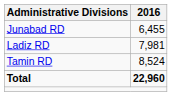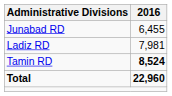 <table class="wikitable">
 <tr>
 <th>Administrative Divisions</th>
 <th>2016</th>
 </tr>
 <tr>
 <td><a href='#'>Junabad RD</a></td>
 <td style="text-align: right;">6,455</td>
 </tr>
 <tr>
 <td><a href='#'>Ladiz RD</a></td>
 <td style="text-align: right;">7,981</td>
 </tr>
 <tr>
 <td><a href='#'>Tamin RD</a></td>
-<td style="text-align: right;">8,524</td>
+<td style="text-align: right;"><strong>8,524</strong></td>
 </tr>
 <tr>
 <td><strong>Total</strong></td>
 <td style="text-align: right;"><strong>22,960</strong></td>
 </tr>
 <tr>
 <td colspan=2></td>
 </tr>
 </table>
